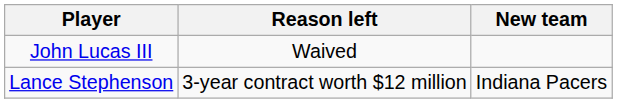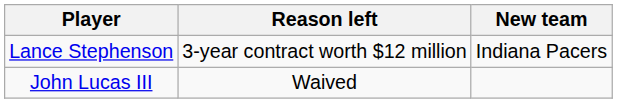 <table class="wikitable sortable sortable" style="text-align: center">
 <tr>
 <th>Player</th>
 <th>Reason left</th>
 <th>New team</th>
 </tr>
 <tr style="text-align: center">
+<td><a href='#'>Lance Stephenson</a></td>
+<td>3-year contract worth $12 million</td>
+<td>Indiana Pacers</td>
+</tr>
+<tr style="text-align: center">
 <td><a href='#'>John Lucas III</a></td>
 <td>Waived</td>
 <td></td>
 </tr>
-<tr style="text-align: center">
-<td><a href='#'>Lance Stephenson</a></td>
-<td>3-year contract worth $12 million</td>
-<td>Indiana Pacers</td>
-</tr>
 </table>
